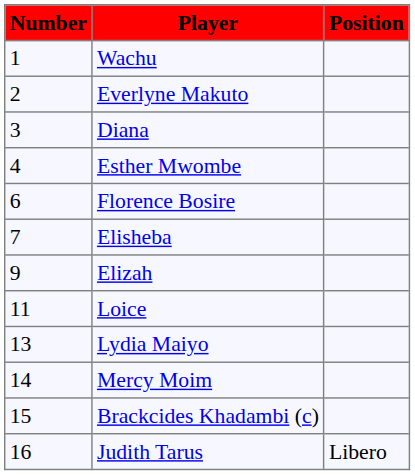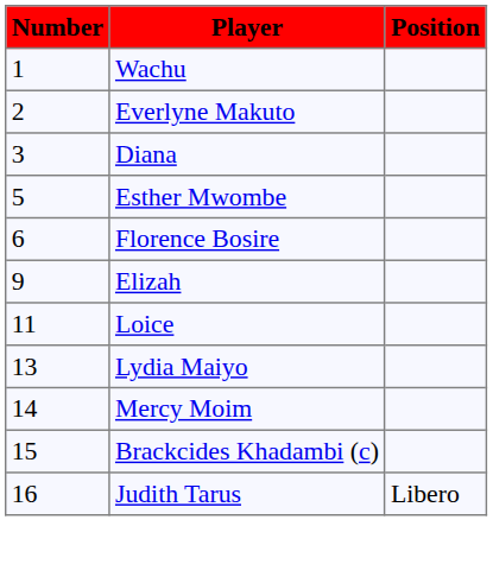 <table bgcolor="#f7f8ff" cellpadding="3" cellspacing="0" border="1" style="font-size: 95%; border: gray solid 1px; border-collapse: collapse;">
 <tr bgcolor="#ff0000">
 <td align=center><strong>Number</strong></td>
 <td align=center><strong>Player</strong></td>
 <td align=center><strong>Position</strong></td>
 </tr>
 <tr align="left">
 <td>1</td>
 <td> <a href='#'>Wachu</a></td>
 <td></td>
 </tr>
 <tr align=left>
 <td>2</td>
 <td> <a href='#'>Everlyne Makuto</a></td>
 <td></td>
 </tr>
 <tr align="left">
 <td>3</td>
 <td> <a href='#'>Diana</a></td>
 <td></td>
 </tr>
 <tr align="left">
-<td>4</td>
+<td>5</td>
 <td> <a href='#'>Esther Mwombe</a></td>
 <td></td>
 </tr>
 <tr align="left">
 <td>6</td>
 <td> <a href='#'>Florence Bosire</a></td>
-<td></td>
-</tr>
-<tr align="left">
-<td>7</td>
-<td> <a href='#'>Elisheba</a></td>
 <td></td>
 </tr>
 <tr align="left">
 <td>9</td>
 <td> <a href='#'>Elizah</a></td>
 <td></td>
 </tr>
 <tr align="left">
 <td>11</td>
 <td> <a href='#'>Loice</a></td>
 <td></td>
 </tr>
 <tr align="left">
 <td>13</td>
 <td> <a href='#'>Lydia Maiyo</a></td>
 <td></td>
 </tr>
 <tr align="left">
 <td>14</td>
 <td> <a href='#'>Mercy Moim</a></td>
 <td></td>
 </tr>
 <tr align="left">
 <td>15</td>
 <td> <a href='#'>Brackcides Khadambi</a> (<a href='#'>c</a>)</td>
 <td></td>
 </tr>
 <tr align="left">
 <td>16</td>
 <td> <a href='#'>Judith Tarus</a></td>
 <td>Libero</td>
 </tr>
 </table>
